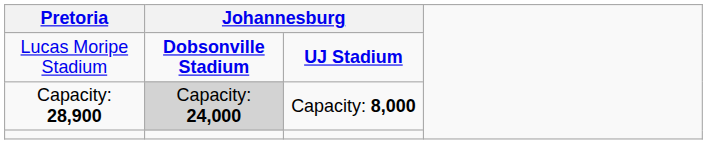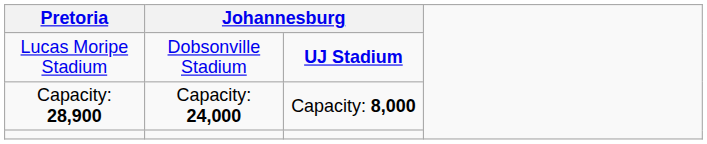 <table class="wikitable" style="margin:1em auto; text-align:center">
 <tr>
 <th><a href='#'>Pretoria</a></th>
 <th colspan=2><a href='#'>Johannesburg</a></th>
 <td colspan="1" rowspan="4"><br></td>
 </tr>
 <tr>
 <td width=20%><a href='#'>Lucas Moripe Stadium</a></td>
-<td width=20%><strong><a href='#'>Dobsonville Stadium</a></strong></td>
+<td width=20%><a href='#'>Dobsonville Stadium</a></td>
 <td width=20%><strong><a href='#'>UJ Stadium</a></strong></td>
 </tr>
 <tr>
 <td>Capacity: <strong>	28,900</strong></td>
-<td style="background: lightgrey;">Capacity: <strong>24,000</strong></td>
+<td>Capacity: <strong>24,000</strong></td>
 <td>Capacity: <strong>8,000</strong></td>
 </tr>
 <tr>
 <td></td>
 <td></td>
 <td></td>
 </tr>
 </table>
